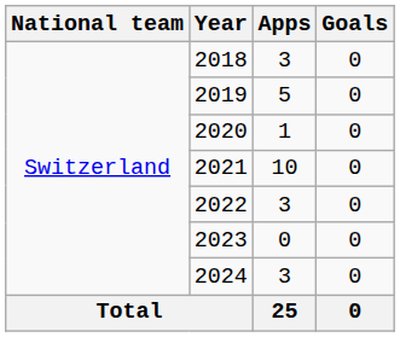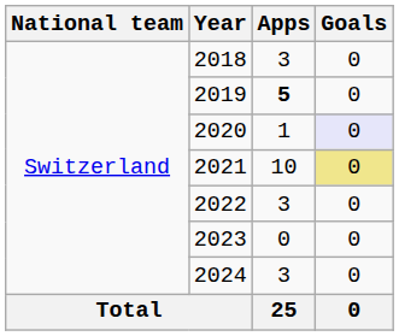 <table class="wikitable" style="text-align:center">
 <tr>
 <th>National team</th>
 <th>Year</th>
 <th>Apps</th>
 <th>Goals</th>
 </tr>
 <tr>
 <td rowspan="7"><a href='#'>Switzerland</a></td>
 <td>2018</td>
 <td>3</td>
 <td>0</td>
 </tr>
 <tr>
 <td>2019</td>
-<td>5</td>
+<td><strong>5</strong></td>
 <td>0</td>
 </tr>
 <tr>
 <td>2020</td>
 <td>1</td>
-<td>0</td>
+<td style="background: lavender;">0</td>
 </tr>
 <tr>
 <td>2021</td>
 <td>10</td>
-<td>0</td>
+<td style="background: khaki;">0</td>
 </tr>
 <tr>
 <td>2022</td>
 <td>3</td>
 <td>0</td>
 </tr>
 <tr>
 <td>2023</td>
 <td>0</td>
 <td>0</td>
 </tr>
 <tr>
 <td>2024</td>
 <td>3</td>
 <td>0</td>
 </tr>
 <tr>
 <th colspan="2">Total</th>
 <th>25</th>
 <th>0</th>
 </tr>
 </table>
